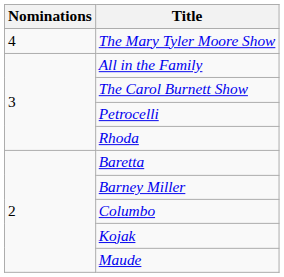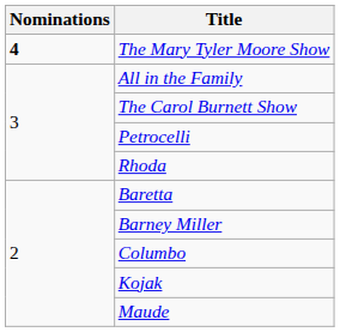 <table class="wikitable">
 <tr>
 <th>Nominations</th>
 <th>Title</th>
 </tr>
 <tr>
-<td>4</td>
+<td><strong>4</strong></td>
 <td><em><a href='#'>The Mary Tyler Moore Show</a></em></td>
 </tr>
 <tr>
 <td rowspan="4">3</td>
 <td><em><a href='#'>All in the Family</a></em></td>
 </tr>
 <tr>
 <td><em><a href='#'>The Carol Burnett Show</a></em></td>
 </tr>
 <tr>
 <td><em><a href='#'>Petrocelli</a></em></td>
 </tr>
 <tr>
 <td><em><a href='#'>Rhoda</a></em></td>
 </tr>
 <tr>
 <td rowspan="5">2</td>
 <td><em><a href='#'>Baretta</a></em></td>
 </tr>
 <tr>
 <td><em><a href='#'>Barney Miller</a></em></td>
 </tr>
 <tr>
 <td><em><a href='#'>Columbo</a></em></td>
 </tr>
 <tr>
 <td><em><a href='#'>Kojak</a></em></td>
 </tr>
 <tr>
 <td><em><a href='#'>Maude</a></em></td>
 </tr>
 </table>
